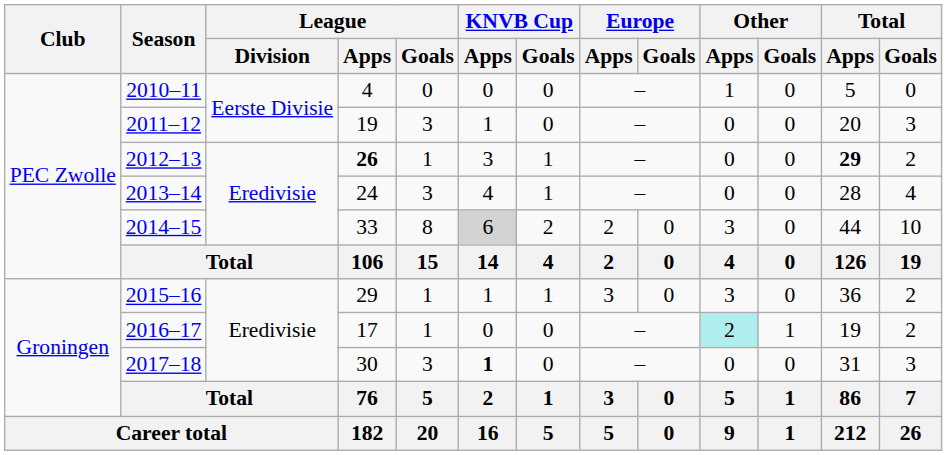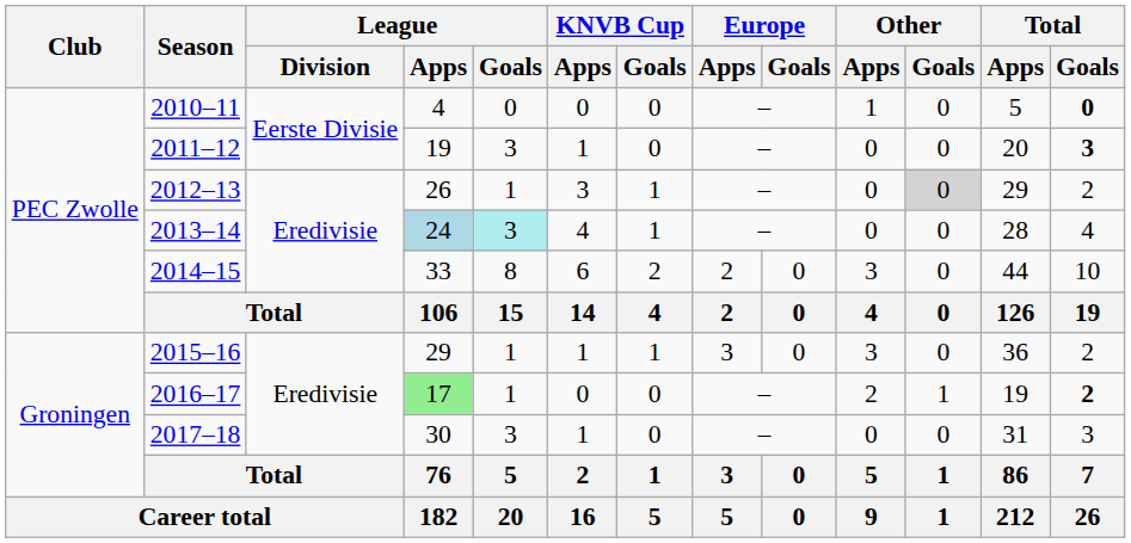 <table class="wikitable" style="text-align:center">
 <tr>
 <th rowspan="2">Club</th>
 <th rowspan="2">Season</th>
 <th colspan="3">League</th>
 <th colspan="2"><a href='#'>KNVB Cup</a></th>
 <th colspan="2"><a href='#'>Europe</a></th>
 <th colspan="2">Other</th>
 <th colspan="2">Total</th>
 </tr>
 <tr>
 <th>Division</th>
 <th>Apps</th>
 <th>Goals</th>
 <th>Apps</th>
 <th>Goals</th>
 <th>Apps</th>
 <th>Goals</th>
 <th>Apps</th>
 <th>Goals</th>
 <th>Apps</th>
 <th>Goals</th>
 </tr>
 <tr>
 <td rowspan="6"><a href='#'>PEC Zwolle</a></td>
 <td><a href='#'>2010–11</a></td>
 <td rowspan="2"><a href='#'>Eerste Divisie</a></td>
 <td>4</td>
 <td>0</td>
 <td>0</td>
 <td>0</td>
 <td colspan="2">–</td>
 <td>1</td>
 <td>0</td>
 <td>5</td>
-<td>0</td>
+<td><strong>0</strong></td>
 </tr>
 <tr>
 <td><a href='#'>2011–12</a></td>
 <td>19</td>
 <td>3</td>
 <td>1</td>
 <td>0</td>
 <td colspan="2">–</td>
 <td>0</td>
 <td>0</td>
 <td>20</td>
-<td>3</td>
+<td><strong>3</strong></td>
 </tr>
 <tr>
 <td><a href='#'>2012–13</a></td>
 <td rowspan="3"><a href='#'>Eredivisie</a></td>
-<td><strong>26</strong></td>
+<td>26</td>
 <td>1</td>
 <td>3</td>
 <td>1</td>
 <td colspan="2">–</td>
 <td>0</td>
-<td>0</td>
-<td><strong>29</strong></td>
+<td style="background: lightgrey;">0</td>
+<td>29</td>
 <td>2</td>
 </tr>
 <tr>
 <td><a href='#'>2013–14</a></td>
-<td>24</td>
-<td>3</td>
+<td style="background: lightblue;">24</td>
+<td style="background: paleturquoise;">3</td>
 <td>4</td>
 <td>1</td>
 <td colspan="2">–</td>
 <td>0</td>
 <td>0</td>
 <td>28</td>
 <td>4</td>
 </tr>
 <tr>
 <td><a href='#'>2014–15</a></td>
 <td>33</td>
 <td>8</td>
-<td style="background: lightgrey;">6</td>
+<td>6</td>
 <td>2</td>
 <td>2</td>
 <td>0</td>
 <td>3</td>
 <td>0</td>
 <td>44</td>
 <td>10</td>
 </tr>
 <tr>
 <th colspan="2">Total</th>
 <th>106</th>
 <th>15</th>
 <th>14</th>
 <th>4</th>
 <th>2</th>
 <th>0</th>
 <th>4</th>
 <th>0</th>
 <th>126</th>
 <th>19</th>
 </tr>
 <tr>
 <td rowspan="4"><a href='#'>Groningen</a></td>
 <td><a href='#'>2015–16</a></td>
 <td rowspan="3">Eredivisie</td>
 <td>29</td>
 <td>1</td>
 <td>1</td>
 <td>1</td>
 <td>3</td>
 <td>0</td>
 <td>3</td>
 <td>0</td>
 <td>36</td>
 <td>2</td>
 </tr>
 <tr>
 <td><a href='#'>2016–17</a></td>
-<td>17</td>
+<td style="background: lightgreen;">17</td>
 <td>1</td>
 <td>0</td>
 <td>0</td>
 <td colspan="2">–</td>
-<td style="background: paleturquoise;">2</td>
+<td>2</td>
 <td>1</td>
 <td>19</td>
-<td>2</td>
+<td><strong>2</strong></td>
 </tr>
 <tr>
 <td><a href='#'>2017–18</a></td>
 <td>30</td>
 <td>3</td>
-<td><strong>1</strong></td>
+<td>1</td>
 <td>0</td>
 <td colspan="2">–</td>
 <td>0</td>
 <td>0</td>
 <td>31</td>
 <td>3</td>
 </tr>
 <tr>
 <th colspan="2">Total</th>
 <th>76</th>
 <th>5</th>
 <th>2</th>
 <th>1</th>
 <th>3</th>
 <th>0</th>
 <th>5</th>
 <th>1</th>
 <th>86</th>
 <th>7</th>
 </tr>
 <tr>
 <th colspan="3">Career total</th>
 <th>182</th>
 <th>20</th>
 <th>16</th>
 <th>5</th>
 <th>5</th>
 <th>0</th>
 <th>9</th>
 <th>1</th>
 <th>212</th>
 <th>26</th>
 </tr>
 </table>
